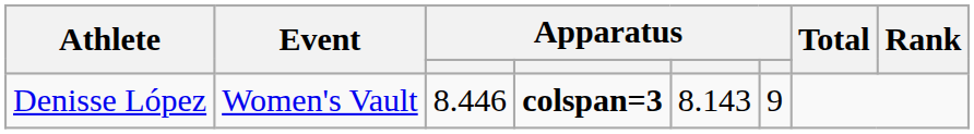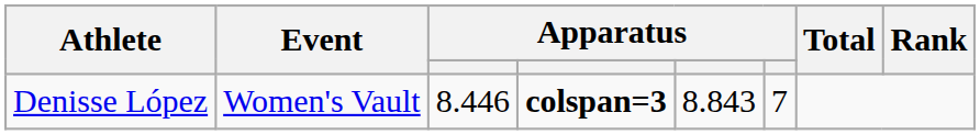 <table class=wikitable style=font-size:90%;text-align:center>
 <tr>
 <th rowspan=2>Athlete</th>
 <th rowspan=2>Event</th>
 <th colspan=4>Apparatus</th>
 <th rowspan=2>Total</th>
 <th rowspan=2>Rank</th>
 </tr>
 <tr style=font-size:95%>
 <th></th>
 <th></th>
 <th></th>
 <th></th>
 </tr>
 <tr>
 <td align=left><a href='#'>Denisse López</a></td>
 <td align=left><a href='#'>Women's Vault</a></td>
 <td>8.446</td>
 <td><strong>colspan=3 </strong></td>
-<td>8.143</td>
-<td>9</td>
+<td>8.843</td>
+<td>7</td>
 </tr>
 </table>
